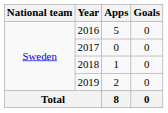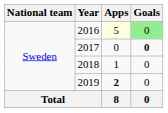 <table class="wikitable" style="text-align:center;">
 <tr>
 <th>National team</th>
 <th>Year</th>
 <th>Apps</th>
 <th>Goals</th>
 </tr>
 <tr>
 <td rowspan="4"><a href='#'>Sweden</a></td>
 <td>2016</td>
-<td>5</td>
-<td>0</td>
+<td style="background: lightyellow;">5</td>
+<td style="background: lightgreen;">0</td>
 </tr>
 <tr>
 <td>2017</td>
 <td>0</td>
-<td>0</td>
+<td><strong>0</strong></td>
 </tr>
 <tr>
 <td>2018</td>
 <td>1</td>
 <td>0</td>
 </tr>
 <tr>
 <td>2019</td>
-<td>2</td>
+<td><strong>2</strong></td>
 <td>0</td>
 </tr>
 <tr>
 <th colspan=2>Total</th>
 <th>8</th>
 <th>0</th>
 </tr>
 </table>
